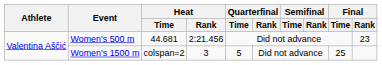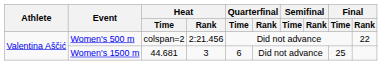 <table class=wikitable style=font-size:90%;text-align:center>
 <tr>
 <th rowspan=2>Athlete</th>
 <th rowspan=2>Event</th>
 <th colspan=2>Heat</th>
 <th colspan=2>Quarterfinal</th>
 <th colspan=2>Semifinal</th>
 <th colspan=2>Final</th>
 </tr>
 <tr style="font-size:95%">
 <th>Time</th>
 <th>Rank</th>
 <th>Time</th>
 <th>Rank</th>
 <th>Time</th>
 <th>Rank</th>
 <th>Time</th>
 <th>Rank</th>
 </tr>
 <tr>
 <td rowspan=2 align=left><a href='#'>Valentina Aščić</a></td>
 <td align=left><a href='#'>Women's 500 m</a></td>
-<td>44.681</td>
+<td>colspan=2 </td>
 <td>2:21.456</td>
 <td colspan=5>Did not advance</td>
-<td>23</td>
+<td>22</td>
 </tr>
 <tr>
 <td align=left><a href='#'>Women's 1500 m</a></td>
-<td>colspan=2 </td>
+<td>44.681</td>
 <td>3</td>
-<td>5</td>
+<td>6</td>
 <td colspan=3>Did not advance</td>
 <td>25</td>
 </tr>
 </table>
